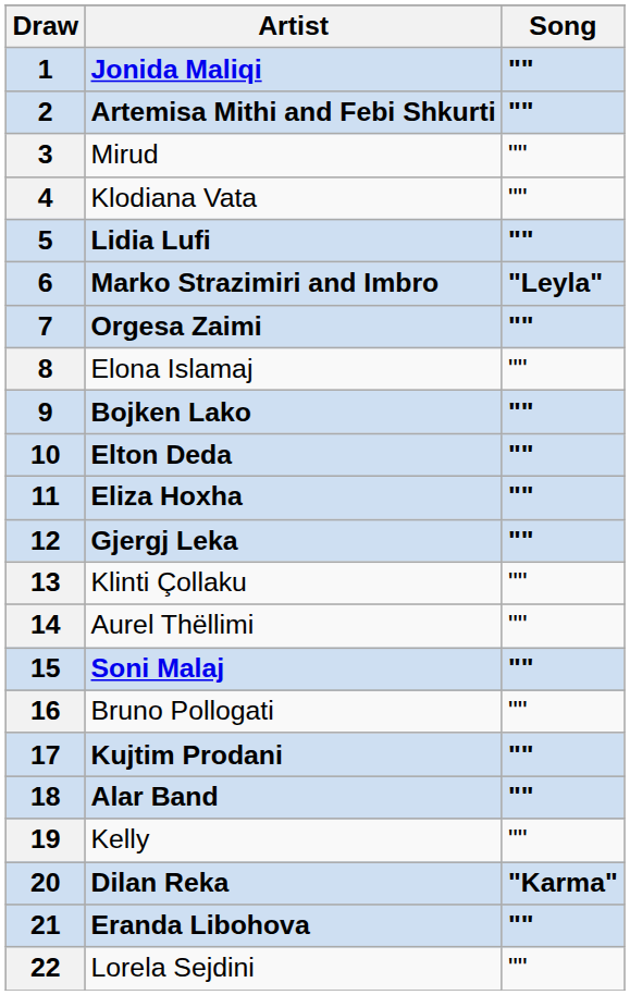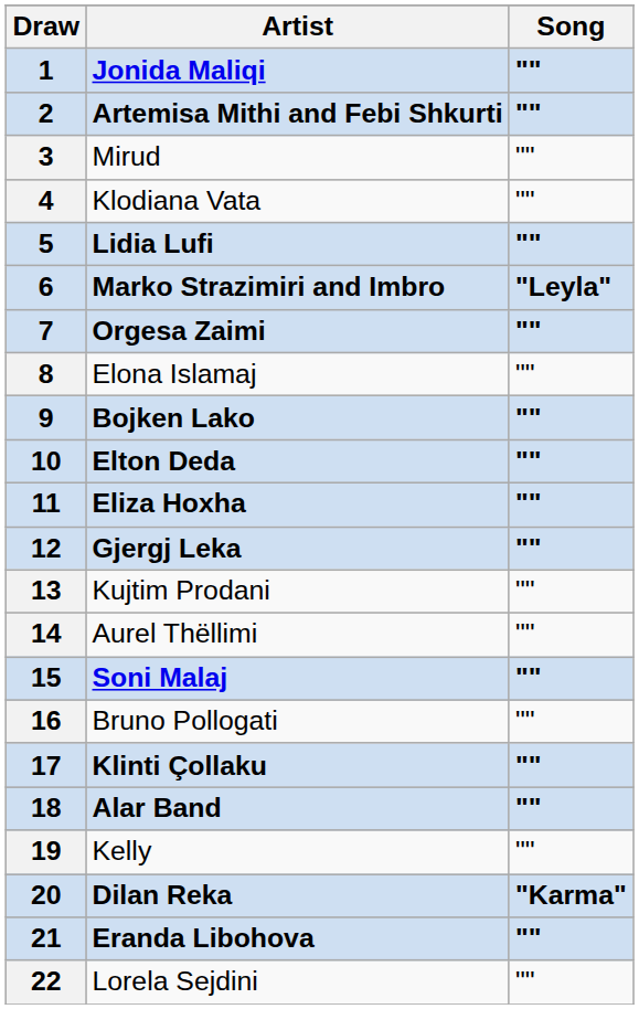 <table class="sortable wikitable plainrowheaders" style="margin: 1em auto 1em auto;">
 <tr>
 </tr>
 <tr>
 <th scope="col">Draw</th>
 <th scope="col">Artist</th>
 <th scope="col">Song</th>
 </tr>
 <tr style="font-weight:bold; background:#CEDFF2;">
 <th scope="row" style="text-align:center; font-weight:bold; background:#CEDFF2;">1</th>
 <td><a href='#'>Jonida Maliqi</a></td>
 <td>""</td>
 </tr>
 <tr style="font-weight:bold; background:#CEDFF2;">
 <th scope="row" style="text-align:center; font-weight:bold; background:#CEDFF2;">2</th>
 <td>Artemisa Mithi and Febi Shkurti<br></td>
 <td>""</td>
 </tr>
 <tr>
 <th scope="row" style="text-align:center;">3</th>
 <td>Mirud</td>
 <td>""</td>
 </tr>
 <tr>
 <th scope="row" style="text-align:center;">4</th>
 <td>Klodiana Vata</td>
 <td>""</td>
 </tr>
 <tr style="font-weight:bold; background:#CEDFF2;">
 <th scope="row" style="text-align:center; font-weight:bold; background:#CEDFF2;">5</th>
 <td>Lidia Lufi<br></td>
 <td>""</td>
 </tr>
 <tr style="font-weight:bold; background:#CEDFF2;">
 <th scope="row" style="text-align:center; font-weight:bold; background:#CEDFF2;">6</th>
 <td>Marko Strazimiri and Imbro<br></td>
 <td>"Leyla"</td>
 </tr>
 <tr style="font-weight:bold; background:#CEDFF2;">
 <th scope="row" style="text-align:center; font-weight:bold; background:#CEDFF2;">7</th>
 <td>Orgesa Zaimi</td>
 <td>""</td>
 </tr>
 <tr>
 <th scope="row" style="text-align:center;">8</th>
 <td>Elona Islamaj</td>
 <td>""</td>
 </tr>
 <tr style="font-weight:bold; background:#CEDFF2;">
 <th scope="row" style="text-align:center; font-weight:bold; background:#CEDFF2;">9</th>
 <td>Bojken Lako<br></td>
 <td>""</td>
 </tr>
 <tr style="font-weight:bold; background:#CEDFF2;">
 <th scope="row" style="text-align:center; font-weight:bold; background:#CEDFF2;">10</th>
 <td>Elton Deda</td>
 <td>""</td>
 </tr>
 <tr style="font-weight:bold; background:#CEDFF2;">
 <th scope="row" style="text-align:center; font-weight:bold; background:#CEDFF2;">11</th>
 <td>Eliza Hoxha</td>
 <td>""</td>
 </tr>
 <tr style="font-weight:bold; background:#CEDFF2;">
 <th scope="row" style="text-align:center; font-weight:bold; background:#CEDFF2;">12</th>
 <td>Gjergj Leka</td>
 <td>""</td>
 </tr>
 <tr>
 <th scope="row" style="text-align:center;">13</th>
-<td>Klinti Çollaku</td>
+<td>Kujtim Prodani</td>
 <td>""</td>
 </tr>
 <tr>
 <th scope="row" style="text-align:center;">14</th>
 <td>Aurel Thëllimi</td>
 <td>""</td>
 </tr>
 <tr style="font-weight:bold; background:#CEDFF2;">
 <th scope="row" style="text-align:center; font-weight:bold; background:#CEDFF2;">15</th>
 <td><a href='#'>Soni Malaj</a></td>
 <td>""</td>
 </tr>
 <tr>
 <th scope="row" style="text-align:center;">16</th>
 <td>Bruno Pollogati</td>
 <td>""</td>
 </tr>
 <tr style="font-weight:bold; background:#CEDFF2;">
 <th scope="row" style="text-align:center; font-weight:bold; background:#CEDFF2;">17</th>
-<td>Kujtim Prodani</td>
+<td>Klinti Çollaku</td>
 <td>""</td>
 </tr>
 <tr style="font-weight:bold; background:#CEDFF2;">
 <th scope="row" style="text-align:center; font-weight:bold; background:#CEDFF2;">18</th>
 <td>Alar Band</td>
 <td>""</td>
 </tr>
 <tr>
 <th scope="row" style="text-align:center;">19</th>
 <td>Kelly</td>
 <td>""</td>
 </tr>
 <tr style="font-weight:bold; background:#CEDFF2;">
 <th scope="row" style="text-align:center; font-weight:bold; background:#CEDFF2;">20</th>
 <td>Dilan Reka</td>
 <td>"Karma"</td>
 </tr>
 <tr style="font-weight:bold; background:#CEDFF2;">
 <th scope="row" style="text-align:center; font-weight:bold; background:#CEDFF2;">21</th>
 <td>Eranda Libohova<br></td>
 <td>""</td>
 </tr>
 <tr>
 <th scope="row" style="text-align:center;">22</th>
 <td>Lorela Sejdini</td>
 <td>""</td>
 </tr>
 </table>
